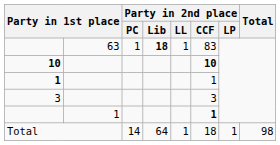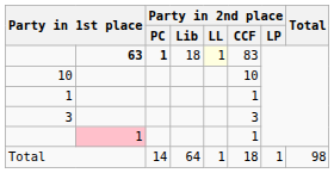 <table class="wikitable" style="text-align:right;">
 <tr>
 <th rowspan="2" colspan="2" style="text-align:left;">Party in 1st place</th>
 <th colspan="5">Party in 2nd place</th>
 <th rowspan="2">Total</th>
 </tr>
 <tr>
 <th>PC</th>
 <th>Lib</th>
 <th>LL</th>
 <th>CCF</th>
 <th>LP</th>
 </tr>
 <tr>
 <td></td>
-<td>63</td>
-<td>1</td>
-<td><strong>18</strong></td>
-<td>1</td>
+<td><strong>63</strong></td>
+<td><strong>1</strong></td>
+<td>18</td>
+<td style="background: lightyellow;">1</td>
 <td>83</td>
 </tr>
 <tr>
-<td><strong>10</strong></td>
+<td>10</td>
 <td></td>
 <td></td>
 <td></td>
 <td></td>
-<td><strong>10</strong></td>
+<td>10</td>
 </tr>
 <tr>
-<td><strong>1</strong></td>
+<td>1</td>
 <td></td>
 <td></td>
 <td></td>
 <td></td>
 <td>1</td>
 </tr>
 <tr>
 <td>3</td>
 <td></td>
 <td></td>
 <td></td>
 <td></td>
 <td>3</td>
 </tr>
 <tr>
 <td></td>
-<td>1</td>
+<td style="background: pink;">1</td>
 <td></td>
 <td></td>
 <td></td>
-<td><strong>1</strong></td>
+<td>1</td>
 </tr>
 <tr>
 <td colspan="2" style="text-align:left;">Total</td>
 <td>14</td>
 <td>64</td>
 <td>1</td>
 <td>18</td>
 <td>1</td>
 <td>98</td>
 </tr>
 </table>
